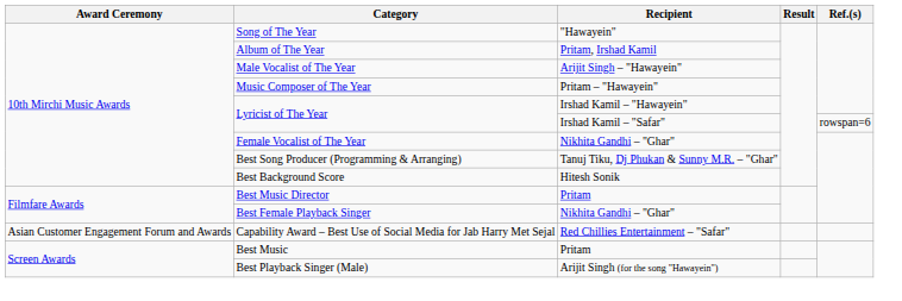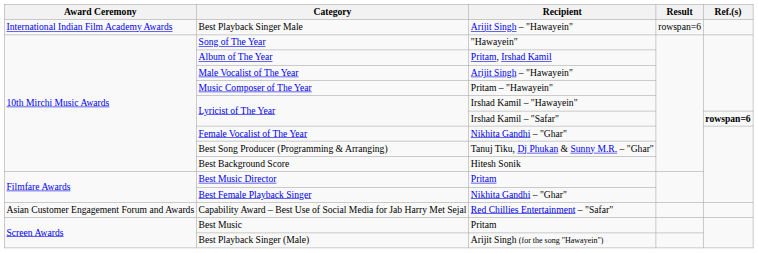 <table class="wikitable">
 <tr>
 <th>Award Ceremony</th>
 <th>Category</th>
 <th>Recipient</th>
 <th>Result</th>
 <th>Ref.(s)</th>
+</tr>
+<tr>
+<td><a href='#'>International Indian Film Academy Awards</a></td>
+<td>Best Playback Singer Male</td>
+<td><a href='#'>Arijit Singh</a> – "Hawayein"</td>
+<td>rowspan=6 </td>
+<td></td>
 </tr>
 <tr>
 <td rowspan=9><a href='#'>10th Mirchi Music Awards</a></td>
 <td><a href='#'>Song of The Year</a></td>
 <td>"Hawayein"</td>
 <td rowspan=9></td>
 </tr>
 <tr>
 <td><a href='#'>Album of The Year</a></td>
 <td><a href='#'>Pritam</a>, <a href='#'>Irshad Kamil</a></td>
 </tr>
 <tr>
 <td><a href='#'>Male Vocalist of The Year</a></td>
 <td><a href='#'>Arijit Singh</a> – "Hawayein"</td>
 </tr>
 <tr>
 <td><a href='#'>Music Composer of The Year</a></td>
 <td>Pritam – "Hawayein"</td>
 </tr>
 <tr>
 <td rowspan=2><a href='#'>Lyricist of The Year</a></td>
 <td>Irshad Kamil – "Hawayein"</td>
 </tr>
 <tr>
 <td>Irshad Kamil – "Safar"</td>
-<td>rowspan=6 </td>
+<td><strong>rowspan=6 </strong></td>
 </tr>
 <tr>
 <td><a href='#'>Female Vocalist of The Year</a></td>
 <td><a href='#'>Nikhita Gandhi</a> – "Ghar"</td>
 </tr>
 <tr>
 <td>Best Song Producer (Programming & Arranging)</td>
 <td>Tanuj Tiku, <a href='#'>Dj Phukan</a> & <a href='#'>Sunny M.R.</a> – "Ghar"</td>
 </tr>
 <tr>
 <td>Best Background Score</td>
 <td>Hitesh Sonik</td>
 </tr>
 <tr>
 <td rowspan=2><a href='#'>Filmfare Awards</a></td>
 <td><a href='#'>Best Music Director</a></td>
 <td><a href='#'>Pritam</a></td>
 <td rowspan=2></td>
 </tr>
 <tr>
 <td><a href='#'>Best Female Playback Singer</a></td>
 <td><a href='#'>Nikhita Gandhi</a> – "Ghar"</td>
 </tr>
 <tr>
 <td>Asian Customer Engagement Forum and Awards</td>
 <td>Capability Award – Best Use of Social Media for Jab Harry Met Sejal</td>
 <td><a href='#'>Red Chillies Entertainment</a> – "Safar"</td>
 <td></td>
 <td></td>
 </tr>
 <tr>
 <td rowspan=2><a href='#'>Screen Awards</a></td>
 <td>Best Music</td>
 <td>Pritam</td>
 <td></td>
 <td rowspan=2></td>
 </tr>
 <tr>
 <td>Best Playback Singer (Male)</td>
 <td>Arijit Singh <small>(for the song "Hawayein")</small></td>
 <td></td>
 </tr>
 </table>
